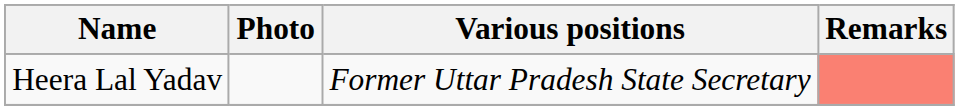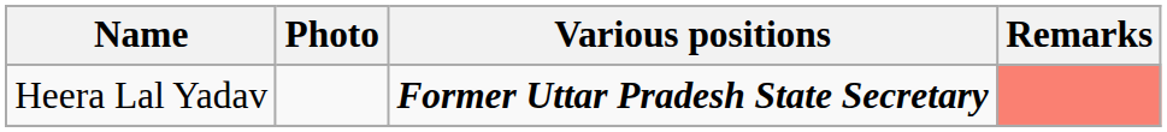 <table class="wikitable sortable" style="text-align:center">
 <tr>
 <th Style="background-color:">Name</th>
 <th Style="background-color:">Photo</th>
 <th Style="background-color:">Various positions</th>
 <th Style="background-color:">Remarks</th>
 </tr>
 <tr>
 <td>Heera Lal Yadav</td>
 <td></td>
-<td><em>Former Uttar Pradesh State Secretary</em></td>
+<td><strong><em>Former Uttar Pradesh State Secretary</em></strong></td>
 <td bgcolor = Salmon></td>
 </tr>
 <tr>
 </tr>
 </table>
